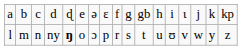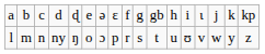 <table class="wikitable" style="text-align: center;">
 <tr>
 <td>a</td>
 <td>b</td>
 <td>c</td>
 <td>d</td>
 <td>ɖ</td>
 <td>e</td>
 <td>ə</td>
 <td>ɛ</td>
 <td>f</td>
 <td>g</td>
 <td>gb</td>
 <td>h</td>
 <td>i</td>
 <td>ɩ</td>
 <td>j</td>
 <td>k</td>
 <td>kp</td>
 </tr>
 <tr>
 <td>l</td>
 <td>m</td>
 <td>n</td>
 <td>ny</td>
-<td><strong>ŋ</strong></td>
+<td>ŋ</td>
 <td>o</td>
 <td>ɔ</td>
 <td>p</td>
 <td>r</td>
 <td>s</td>
 <td>t</td>
 <td>u</td>
 <td>ʊ</td>
 <td>v</td>
 <td>w</td>
 <td>y</td>
 <td>z</td>
 </tr>
 </table>
